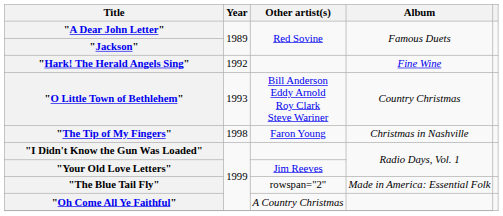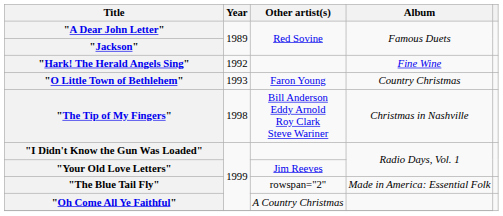 <table class="wikitable plainrowheaders" style="text-align:center;" border="1">
 <tr>
 <th scope="col" style="width:20em;">Title</th>
 <th scope="col">Year</th>
 <th scope="col">Other artist(s)</th>
 <th scope="col">Album</th>
 <th scope="col"></th>
 </tr>
 <tr>
 <th scope="row">"<a href='#'>A Dear John Letter</a>"</th>
 <td rowspan="2">1989</td>
 <td rowspan="2"><a href='#'>Red Sovine</a></td>
 <td rowspan="2"><em>Famous Duets</em></td>
 <td align="center" rowspan="2"></td>
 </tr>
 <tr>
 <th scope="row">"<a href='#'>Jackson</a>"</th>
 </tr>
 <tr>
 <th scope="row">"<a href='#'>Hark! The Herald Angels Sing</a>"</th>
 <td>1992</td>
 <td></td>
 <td><em><a href='#'>Fine Wine</a></em></td>
 <td align="center"></td>
 </tr>
 <tr>
 <th scope="row">"<a href='#'>O Little Town of Bethlehem</a>"</th>
 <td>1993</td>
-<td><a href='#'>Bill Anderson</a><br><a href='#'>Eddy Arnold</a><br><a href='#'>Roy Clark</a><br><a href='#'>Steve Wariner</a></td>
+<td><a href='#'>Faron Young</a></td>
 <td><em>Country Christmas</em></td>
 <td align="center"></td>
 </tr>
 <tr>
 <th scope="row">"<a href='#'>The Tip of My Fingers</a>"</th>
 <td>1998</td>
-<td><a href='#'>Faron Young</a></td>
+<td><a href='#'>Bill Anderson</a><br><a href='#'>Eddy Arnold</a><br><a href='#'>Roy Clark</a><br><a href='#'>Steve Wariner</a></td>
 <td><em>Christmas in Nashville</em></td>
 <td align="center"></td>
 </tr>
 <tr>
 <th scope="row">"I Didn't Know the Gun Was Loaded"</th>
 <td rowspan="4">1999</td>
 <td></td>
 <td rowspan="2"><em>Radio Days, Vol. 1</em></td>
 <td align="center" rowspan="2"></td>
 </tr>
 <tr>
 <th scope="row">"Your Old Love Letters"</th>
 <td><a href='#'>Jim Reeves</a></td>
 </tr>
 <tr>
 <th scope="row">"The Blue Tail Fly"</th>
 <td>rowspan="2" </td>
 <td><em>Made in America: Essential Folk</em></td>
 <td align="center"></td>
 </tr>
 <tr>
 <th scope="row">"<a href='#'>Oh Come All Ye Faithful</a>"</th>
 <td><em>A Country Christmas</em></td>
 <td align="center"></td>
 </tr>
 <tr>
 </tr>
 </table>
